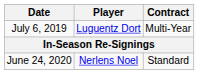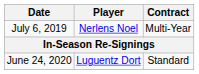 <table class="wikitable" style="text-align: center">
 <tr>
 <th>Date</th>
 <th>Player</th>
 <th>Contract</th>
 </tr>
 <tr style="text-align: center">
 <td>July 6, 2019</td>
-<td><a href='#'>Luguentz Dort</a></td>
+<td><a href='#'>Nerlens Noel</a></td>
 <td>Multi-Year</td>
 </tr>
 <tr>
 <th scope="row" colspan="6" style="text-align:center;”">In-Season Re-Signings</th>
 </tr>
 <tr style="text-align: center">
 <td>June 24, 2020</td>
-<td><a href='#'>Nerlens Noel</a></td>
+<td><a href='#'>Luguentz Dort</a></td>
 <td>Standard</td>
 </tr>
 </table>
